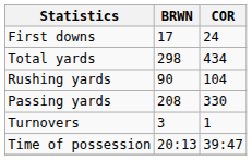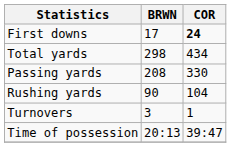 <table class="wikitable">
 <tr>
 <th>Statistics</th>
 <th>BRWN</th>
 <th>COR</th>
 </tr>
 <tr>
 <td>First downs</td>
 <td>17</td>
-<td>24</td>
+<td><strong>24</strong></td>
 </tr>
 <tr>
 <td>Total yards</td>
 <td>298</td>
 <td>434</td>
 </tr>
 <tr>
+<td>Passing yards</td>
+<td>208</td>
+<td>330</td>
+</tr>
+<tr>
 <td>Rushing yards</td>
 <td>90</td>
 <td>104</td>
-</tr>
-<tr>
-<td>Passing yards</td>
-<td>208</td>
-<td>330</td>
 </tr>
 <tr>
 <td>Turnovers</td>
 <td>3</td>
 <td>1</td>
 </tr>
 <tr>
 <td>Time of possession</td>
 <td>20:13</td>
 <td>39:47</td>
 </tr>
 <tr>
 </tr>
 </table>
